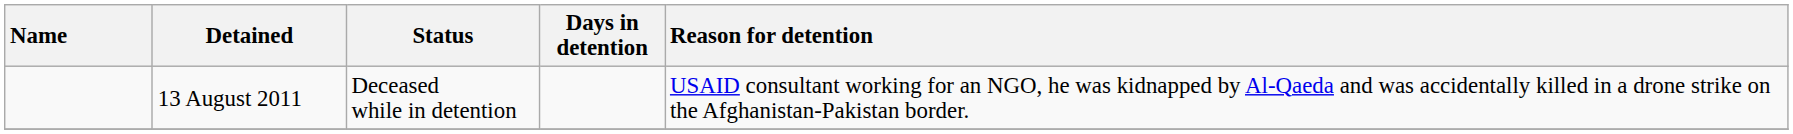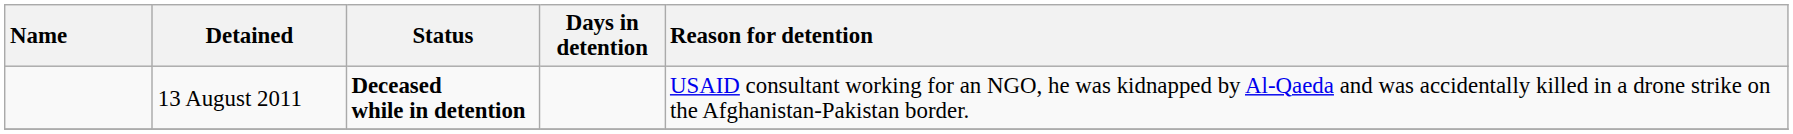 <table class="wikitable defaultleft col2center col3center col4center col5left sortable">
 <tr>
 <th style="text-align: left; width: 6em;">Name</th>
 <th style="width: 8em;">Detained</th>
 <th style="width: 8em;">Status</th>
 <th style="width: 5em;">Days in detention</th>
 <th class="unsortable" style="text-align: left;">Reason for detention</th>
 </tr>
 <tr>
 <td></td>
 <td>13 August 2011</td>
-<td>Deceased <br>while in detention</td>
+<td><strong>Deceased <br>while in detention</strong></td>
 <td></td>
 <td><a href='#'>USAID</a> consultant working for an NGO, he was kidnapped by <a href='#'>Al-Qaeda</a> and was accidentally killed in a drone strike on the Afghanistan-Pakistan border.</td>
 </tr>
 <tr>
 </tr>
 </table>
